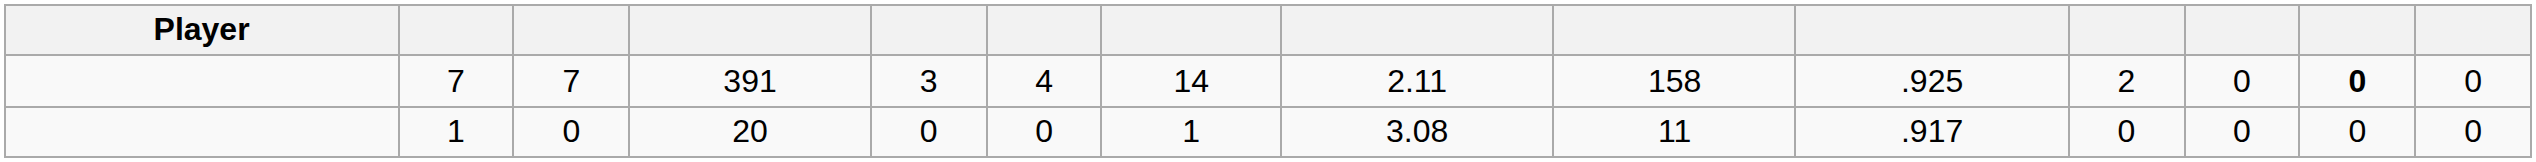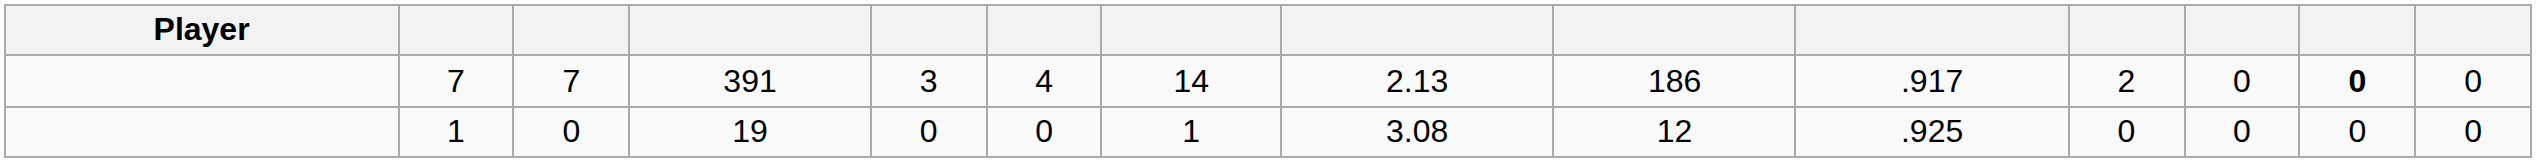 <table class="wikitable sortable" style="width:100%;">
 <tr style="text-align:center; background:#ddd;">
 <th>Player</th>
 <th></th>
 <th></th>
 <th></th>
 <th></th>
 <th></th>
 <th></th>
 <th></th>
 <th></th>
 <th></th>
 <th></th>
 <th></th>
 <th></th>
 <th></th>
 </tr>
 <tr align=center>
 <td></td>
 <td>7</td>
 <td>7</td>
 <td>391</td>
 <td>3</td>
 <td>4</td>
 <td>14</td>
-<td>2.11</td>
-<td>158</td>
-<td>.925</td>
+<td>2.13</td>
+<td>186</td>
+<td>.917</td>
 <td>2</td>
 <td>0</td>
 <td><strong>0</strong></td>
 <td>0</td>
 </tr>
 <tr align=center>
 <td></td>
 <td>1</td>
 <td>0</td>
-<td>20</td>
+<td>19</td>
 <td>0</td>
 <td>0</td>
 <td>1</td>
 <td>3.08</td>
-<td>11</td>
-<td>.917</td>
+<td>12</td>
+<td>.925</td>
 <td>0</td>
 <td>0</td>
 <td>0</td>
 <td>0</td>
 </tr>
 </table>
